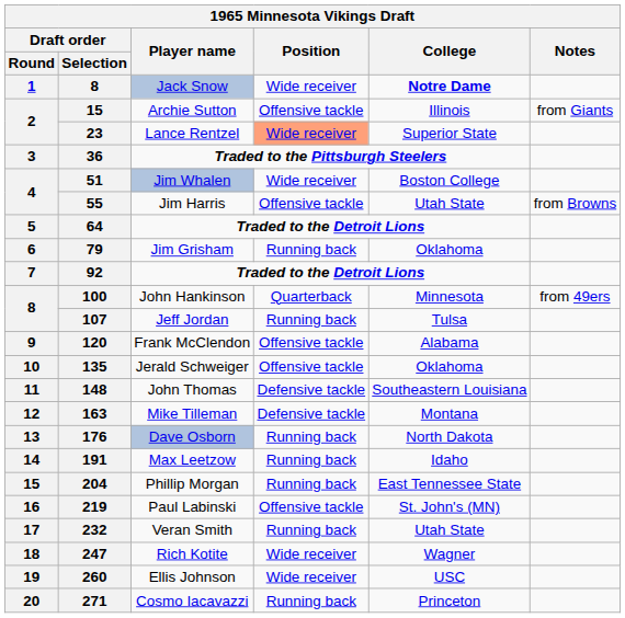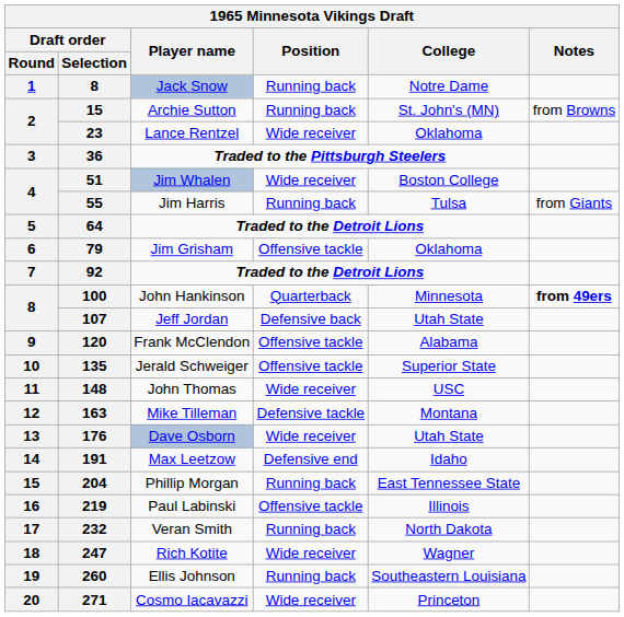 <table class="wikitable" style="text-align:center">
 <tr>
 <th colspan="6">1965 Minnesota Vikings Draft</th>
 </tr>
 <tr>
 <th colspan="2">Draft order</th>
 <th rowspan="2">Player name</th>
 <th rowspan="2">Position</th>
 <th rowspan="2">College</th>
 <th rowspan="2">Notes</th>
 </tr>
 <tr>
 <th>Round</th>
 <th>Selection</th>
 </tr>
 <tr>
 <th><a href='#'>1</a></th>
 <th>8</th>
 <td bgcolor=lightsteelblue><a href='#'>Jack Snow</a></td>
-<td><a href='#'>Wide receiver</a></td>
-<td><strong><a href='#'>Notre Dame</a></strong></td>
+<td><a href='#'>Running back</a></td>
+<td><a href='#'>Notre Dame</a></td>
 <td></td>
 </tr>
 <tr>
 <th rowspan="2">2</th>
 <th>15</th>
 <td><a href='#'>Archie Sutton</a></td>
-<td><a href='#'>Offensive tackle</a></td>
-<td><a href='#'>Illinois</a></td>
-<td>from <a href='#'>Giants</a></td>
+<td><a href='#'>Running back</a></td>
+<td><a href='#'>St. John's (MN)</a></td>
+<td>from <a href='#'>Browns</a></td>
 </tr>
 <tr>
 <th>23</th>
 <td><a href='#'>Lance Rentzel</a></td>
-<td style="background: lightsalmon;"><a href='#'>Wide receiver</a></td>
-<td><a href='#'>Superior State</a></td>
+<td><a href='#'>Wide receiver</a></td>
+<td><a href='#'>Oklahoma</a></td>
 <td></td>
 </tr>
 <tr>
 <th>3</th>
 <th>36</th>
 <td colspan="3"><strong><em>Traded to the <a href='#'>Pittsburgh Steelers</a></em></strong></td>
 <td></td>
 </tr>
 <tr>
 <th rowspan="2">4</th>
 <th>51</th>
 <td bgcolor=lightsteelblue><a href='#'>Jim Whalen</a></td>
 <td><a href='#'>Wide receiver</a></td>
 <td><a href='#'>Boston College</a></td>
 <td></td>
 </tr>
 <tr>
 <th>55</th>
 <td>Jim Harris</td>
-<td><a href='#'>Offensive tackle</a></td>
-<td><a href='#'>Utah State</a></td>
-<td>from <a href='#'>Browns</a></td>
+<td><a href='#'>Running back</a></td>
+<td><a href='#'>Tulsa</a></td>
+<td>from <a href='#'>Giants</a></td>
 </tr>
 <tr>
 <th>5</th>
 <th>64</th>
 <td colspan="3"><strong><em>Traded to the <a href='#'>Detroit Lions</a></em></strong></td>
 <td></td>
 </tr>
 <tr>
 <th>6</th>
 <th>79</th>
 <td><a href='#'>Jim Grisham</a></td>
-<td><a href='#'>Running back</a></td>
+<td><a href='#'>Offensive tackle</a></td>
 <td><a href='#'>Oklahoma</a></td>
 <td></td>
 </tr>
 <tr>
 <th>7</th>
 <th>92</th>
 <td colspan="3"><strong><em>Traded to the <a href='#'>Detroit Lions</a></em></strong></td>
 <td></td>
 </tr>
 <tr>
 <th rowspan="2">8</th>
 <th>100</th>
 <td>John Hankinson</td>
 <td><a href='#'>Quarterback</a></td>
 <td><a href='#'>Minnesota</a></td>
-<td>from <a href='#'>49ers</a></td>
+<td><strong>from <a href='#'>49ers</a></strong></td>
 </tr>
 <tr>
 <th>107</th>
 <td><a href='#'>Jeff Jordan</a></td>
-<td><a href='#'>Running back</a></td>
-<td><a href='#'>Tulsa</a></td>
+<td><a href='#'>Defensive back</a></td>
+<td><a href='#'>Utah State</a></td>
 <td></td>
 </tr>
 <tr>
 <th>9</th>
 <th>120</th>
 <td>Frank McClendon</td>
 <td><a href='#'>Offensive tackle</a></td>
 <td><a href='#'>Alabama</a></td>
 <td></td>
 </tr>
 <tr>
 <th>10</th>
 <th>135</th>
 <td>Jerald Schweiger</td>
 <td><a href='#'>Offensive tackle</a></td>
-<td><a href='#'>Oklahoma</a></td>
+<td><a href='#'>Superior State</a></td>
 <td></td>
 </tr>
 <tr>
 <th>11</th>
 <th>148</th>
 <td>John Thomas</td>
-<td><a href='#'>Defensive tackle</a></td>
-<td><a href='#'>Southeastern Louisiana</a></td>
+<td><a href='#'>Wide receiver</a></td>
+<td><a href='#'>USC</a></td>
 <td></td>
 </tr>
 <tr>
 <th>12</th>
 <th>163</th>
 <td><a href='#'>Mike Tilleman</a></td>
 <td><a href='#'>Defensive tackle</a></td>
 <td><a href='#'>Montana</a></td>
 <td></td>
 </tr>
 <tr>
 <th>13</th>
 <th>176</th>
 <td bgcolor=lightsteelblue><a href='#'>Dave Osborn</a></td>
-<td><a href='#'>Running back</a></td>
-<td><a href='#'>North Dakota</a></td>
+<td><a href='#'>Wide receiver</a></td>
+<td><a href='#'>Utah State</a></td>
 <td></td>
 </tr>
 <tr>
 <th>14</th>
 <th>191</th>
 <td><a href='#'>Max Leetzow</a></td>
-<td><a href='#'>Running back</a></td>
+<td><a href='#'>Defensive end</a></td>
 <td><a href='#'>Idaho</a></td>
 <td></td>
 </tr>
 <tr>
 <th>15</th>
 <th>204</th>
 <td>Phillip Morgan</td>
 <td><a href='#'>Running back</a></td>
 <td><a href='#'>East Tennessee State</a></td>
 <td></td>
 </tr>
 <tr>
 <th>16</th>
 <th>219</th>
 <td>Paul Labinski</td>
 <td><a href='#'>Offensive tackle</a></td>
-<td><a href='#'>St. John's (MN)</a></td>
+<td><a href='#'>Illinois</a></td>
 <td></td>
 </tr>
 <tr>
 <th>17</th>
 <th>232</th>
 <td>Veran Smith</td>
 <td><a href='#'>Running back</a></td>
-<td><a href='#'>Utah State</a></td>
+<td><a href='#'>North Dakota</a></td>
 <td></td>
 </tr>
 <tr>
 <th>18</th>
 <th>247</th>
 <td><a href='#'>Rich Kotite</a></td>
 <td><a href='#'>Wide receiver</a></td>
 <td><a href='#'>Wagner</a></td>
 <td></td>
 </tr>
 <tr>
 <th>19</th>
 <th>260</th>
 <td>Ellis Johnson</td>
-<td><a href='#'>Wide receiver</a></td>
-<td><a href='#'>USC</a></td>
+<td><a href='#'>Running back</a></td>
+<td><a href='#'>Southeastern Louisiana</a></td>
 <td></td>
 </tr>
 <tr>
 <th>20</th>
 <th>271</th>
 <td><a href='#'>Cosmo Iacavazzi</a></td>
-<td><a href='#'>Running back</a></td>
+<td><a href='#'>Wide receiver</a></td>
 <td><a href='#'>Princeton</a></td>
 <td></td>
 </tr>
 </table>
